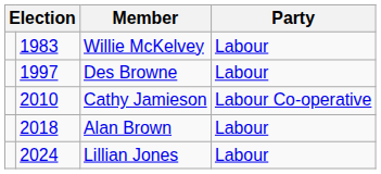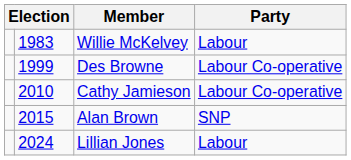 <table class="wikitable">
 <tr>
 <th colspan="2">Election</th>
 <th>Member</th>
 <th>Party</th>
 </tr>
 <tr>
 <td style="color:inherit;background-color: "></td>
 <td><a href='#'>1983</a></td>
 <td><a href='#'>Willie McKelvey</a></td>
 <td><a href='#'>Labour</a></td>
 </tr>
 <tr>
 <td style="color:inherit;background-color: "></td>
-<td><a href='#'>1997</a></td>
+<td><a href='#'>1999</a></td>
 <td><a href='#'>Des Browne</a></td>
-<td><a href='#'>Labour</a></td>
+<td><a href='#'>Labour Co-operative</a></td>
 </tr>
 <tr>
 <td style="color:inherit;background-color: "></td>
 <td><a href='#'>2010</a></td>
 <td><a href='#'>Cathy Jamieson</a></td>
 <td><a href='#'>Labour Co-operative</a></td>
 </tr>
 <tr>
 <td style="color:inherit;background-color: "></td>
-<td><a href='#'>2018</a></td>
+<td><a href='#'>2015</a></td>
 <td><a href='#'>Alan Brown</a></td>
-<td><a href='#'>Labour</a></td>
+<td><a href='#'>SNP</a></td>
 </tr>
 <tr>
 <td style="color:inherit;background-color: "></td>
 <td><a href='#'>2024</a></td>
 <td><a href='#'>Lillian Jones</a></td>
 <td><a href='#'>Labour</a></td>
 </tr>
 </table>
